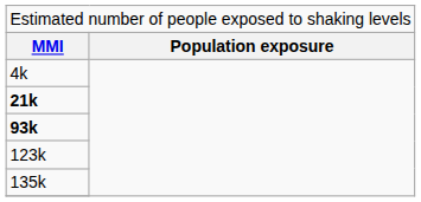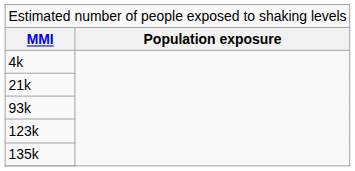 <table class="wikitable sortable plainrowheaders floatright" style="clear:right; margin-left:7px; margin-top:0; margin-right:0; margin-bottom:3px; font-size:80%;">
 <tr>
 <td colspan="2" style="text-align: center;">Estimated number of people exposed to shaking levels</td>
 </tr>
 <tr>
 <th><a href='#'>MMI</a></th>
 <th>Population exposure</th>
 </tr>
 <tr>
 <td>4k</td>
 </tr>
 <tr>
-<td><strong>21k</strong></td>
+<td>21k</td>
 </tr>
 <tr>
-<td><strong>93k</strong></td>
+<td>93k</td>
 </tr>
 <tr>
 <td>123k</td>
 </tr>
 <tr>
 <td>135k</td>
 </tr>
 <tr>
 </tr>
 </table>
